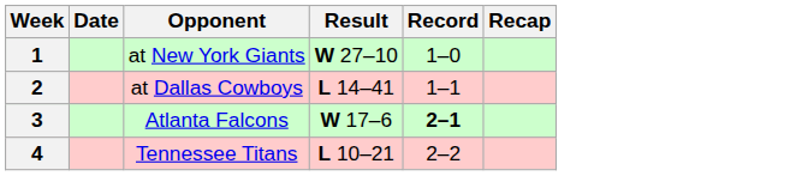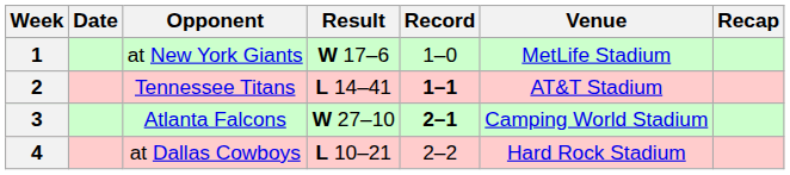 <table class="wikitable" style="text-align:center">
 <tr>
 <th>Week</th>
 <th>Date</th>
 <th>Opponent</th>
 <th>Result</th>
 <th>Record</th>
+<th>Venue</th>
 <th>Recap</th>
 </tr>
 <tr style="background:#cfc">
 <th>1</th>
 <td></td>
 <td>at <a href='#'>New York Giants</a></td>
-<td><strong>W</strong> 27–10</td>
+<td><strong>W</strong> 17–6</td>
 <td>1–0</td>
+<td><a href='#'>MetLife Stadium</a></td>
 <td></td>
 </tr>
 <tr style="background:#fcc">
 <th>2</th>
 <td></td>
-<td>at <a href='#'>Dallas Cowboys</a></td>
+<td><a href='#'>Tennessee Titans</a></td>
 <td><strong>L</strong> 14–41</td>
-<td>1–1</td>
+<td><strong>1–1</strong></td>
+<td><a href='#'>AT&T Stadium</a></td>
 <td></td>
 </tr>
 <tr style="background:#cfc">
 <th>3</th>
 <td></td>
 <td><a href='#'>Atlanta Falcons</a></td>
-<td><strong>W</strong> 17–6</td>
+<td><strong>W</strong> 27–10</td>
 <td><strong>2–1</strong></td>
+<td><a href='#'>Camping World Stadium</a> </td>
 <td></td>
 </tr>
 <tr style="background:#fcc">
 <th>4</th>
 <td></td>
-<td><a href='#'>Tennessee Titans</a></td>
+<td>at <a href='#'>Dallas Cowboys</a></td>
 <td><strong>L</strong> 10–21</td>
 <td>2–2</td>
+<td><a href='#'>Hard Rock Stadium</a></td>
 <td></td>
 </tr>
 </table>
